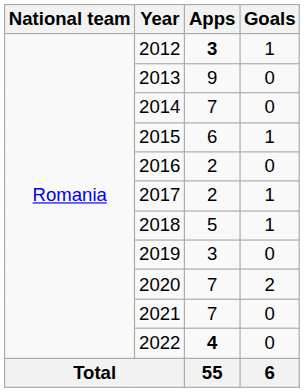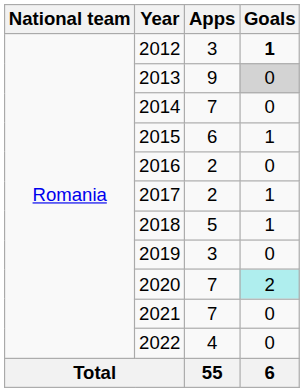 <table class="wikitable" style="text-align:center">
 <tr>
 <th>National team</th>
 <th>Year</th>
 <th>Apps</th>
 <th>Goals</th>
 </tr>
 <tr>
 <td rowspan="11"><a href='#'>Romania</a></td>
 <td>2012</td>
-<td><strong>3</strong></td>
-<td>1</td>
+<td>3</td>
+<td><strong>1</strong></td>
 </tr>
 <tr>
 <td>2013</td>
 <td>9</td>
-<td>0</td>
+<td style="background: lightgrey;">0</td>
 </tr>
 <tr>
 <td>2014</td>
 <td>7</td>
 <td>0</td>
 </tr>
 <tr>
 <td>2015</td>
 <td>6</td>
 <td>1</td>
 </tr>
 <tr>
 <td>2016</td>
 <td>2</td>
 <td>0</td>
 </tr>
 <tr>
 <td>2017</td>
 <td>2</td>
 <td>1</td>
 </tr>
 <tr>
 <td>2018</td>
 <td>5</td>
 <td>1</td>
 </tr>
 <tr>
 <td>2019</td>
 <td>3</td>
 <td>0</td>
 </tr>
 <tr>
 <td>2020</td>
 <td>7</td>
-<td>2</td>
+<td style="background: paleturquoise;">2</td>
 </tr>
 <tr>
 <td>2021</td>
 <td>7</td>
 <td>0</td>
 </tr>
 <tr>
 <td>2022</td>
-<td><strong>4</strong></td>
+<td>4</td>
 <td>0</td>
 </tr>
 <tr>
 <th colspan=2>Total</th>
 <th>55</th>
 <th>6</th>
 </tr>
 </table>
